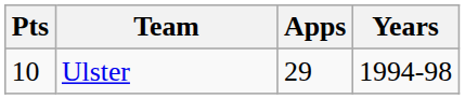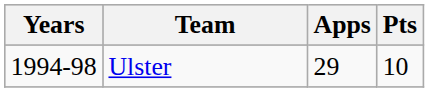 <table class="wikitable" style="text-align:left;">
 <tr>
-<th>Pts</th>
+<th>Years</th>
 <th width=120px>Team</th>
 <th>Apps</th>
-<th>Years</th>
+<th>Pts</th>
 </tr>
 <tr>
-<td>10</td>
+<td>1994-98</td>
 <td><a href='#'>Ulster</a></td>
 <td>29</td>
-<td>1994-98</td>
+<td>10</td>
 </tr>
 </table>
